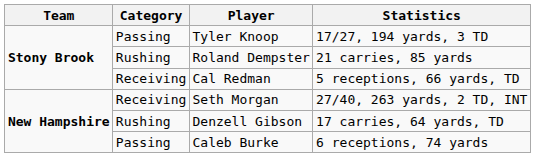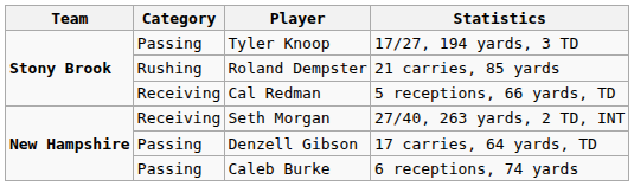 <table class="wikitable" style="float: right;">
 <tr>
 <th>Team</th>
 <th>Category</th>
 <th>Player</th>
 <th>Statistics</th>
 </tr>
 <tr>
 <td rowspan=3><strong>Stony Brook</strong></td>
 <td>Passing</td>
 <td>Tyler Knoop</td>
 <td>17/27, 194 yards, 3 TD</td>
 </tr>
 <tr>
 <td>Rushing</td>
 <td>Roland Dempster</td>
 <td>21 carries, 85 yards</td>
 </tr>
 <tr>
 <td>Receiving</td>
 <td>Cal Redman</td>
 <td>5 receptions, 66 yards, TD</td>
 </tr>
 <tr>
 <td rowspan=3><strong>New Hampshire</strong></td>
 <td>Receiving</td>
 <td>Seth Morgan</td>
 <td>27/40, 263 yards, 2 TD, INT</td>
 </tr>
 <tr>
-<td>Rushing</td>
+<td>Passing</td>
 <td>Denzell Gibson</td>
 <td>17 carries, 64 yards, TD</td>
 </tr>
 <tr>
 <td>Passing</td>
 <td>Caleb Burke</td>
 <td>6 receptions, 74 yards</td>
 </tr>
 </table>
